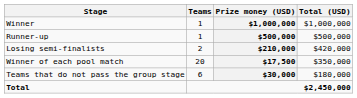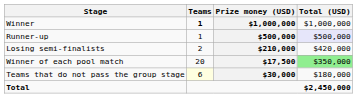 <table class="wikitable plainrowheaders">
 <tr>
 <th scope=col>Stage</th>
 <th scope=col>Teams</th>
 <th scope=col>Prize money (USD)</th>
 <th scope=col>Total (USD)</th>
 </tr>
 <tr>
 <td>Winner</td>
-<td align=center>1</td>
+<td align=center><strong>1</strong></td>
 <th scope=row style=text-align:right;>$1,000,000</th>
 <td align=right>$1,000,000</td>
 </tr>
 <tr>
 <td>Runner-up</td>
 <td align=center>1</td>
 <th scope=row style=text-align:right;>$500,000</th>
-<td align=right>$500,000</td>
+<td align=right style="background: lavender;">$500,000</td>
 </tr>
 <tr>
 <td>Losing semi-finalists</td>
 <td align=center>2</td>
 <th scope=row style=text-align:right;>$210,000</th>
 <td align=right>$420,000</td>
 </tr>
 <tr>
 <td>Winner of each pool match</td>
 <td align=center>20</td>
 <th scope=row style=text-align:right;>$17,500</th>
-<td align=right>$350,000</td>
+<td align=right style="background: lightgreen;">$350,000</td>
 </tr>
 <tr>
 <td>Teams that do not pass the group stage</td>
-<td align=center>6</td>
+<td align=center style="background: lightyellow;">6</td>
 <th scope=row style=text-align:right;>$30,000</th>
 <td align=right>$180,000</td>
 </tr>
 <tr>
 <td><strong>Total</strong></td>
 <td colspan=3 align=right><strong>$2,450,000</strong></td>
 </tr>
 </table>
